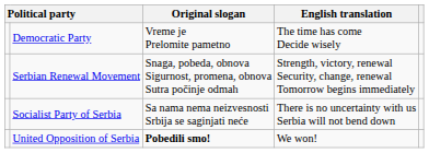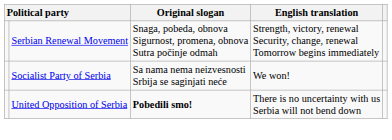 <table class="wikitable" style="font-size:97%; text-align:left">
 <tr>
 <th colspan="2" style="text-align:left">Political party</th>
 <th>Original slogan</th>
 <th>English translation</th>
 <th></th>
-</tr>
-<tr>
-<td style="background:"></td>
-<td><a href='#'>Democratic Party</a></td>
-<td>Vreme je<br>Prelomite pametno</td>
-<td>The time has come<br>Decide wisely</td>
-<td></td>
 </tr>
 <tr>
 <td style="background:"></td>
 <td><a href='#'>Serbian Renewal Movement</a></td>
 <td>Snaga, pobeda, obnova<br>Sigurnost, promena, obnova<br>Sutra počinje odmah</td>
 <td>Strength, victory, renewal<br>Security, change, renewal<br>Tomorrow begins immediately</td>
 <td></td>
 </tr>
 <tr>
 <td style="background:"></td>
 <td><a href='#'>Socialist Party of Serbia</a></td>
 <td>Sa nama nema neizvesnosti<br>Srbija se saginjati neće</td>
-<td>There is no uncertainty with us<br>Serbia will not bend down</td>
+<td>We won!</td>
 <td></td>
 </tr>
 <tr>
 <td style="background:"></td>
 <td><a href='#'>United Opposition of Serbia</a></td>
 <td><strong>Pobedili smo!</strong></td>
-<td>We won!</td>
+<td>There is no uncertainty with us<br>Serbia will not bend down</td>
 <td></td>
 </tr>
 </table>
